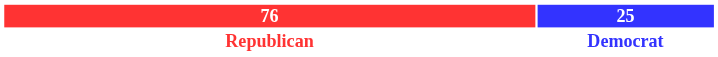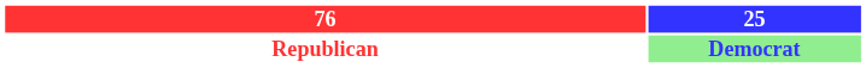 <table style="width:50%">
 <tr>
 <td scope="row" colspan="3" style="text-align:center"></td>
 </tr>
 <tr>
 <td scope="row" style="background:#F33; width:75%; text-align:center; color:white"><strong>76</strong></td>
 <td style="background:#33F; width:25%; text-align:center; color:white"><strong>25</strong></td>
 </tr>
 <tr>
 <td scope="row" style="text-align:center; color:#F33"><strong>Republican</strong></td>
-<td style="text-align:center; color:#33F"><strong>Democrat</strong></td>
+<td style="background: lightgreen; text-align:center; color:#33F"><strong>Democrat</strong></td>
 </tr>
 </table>
